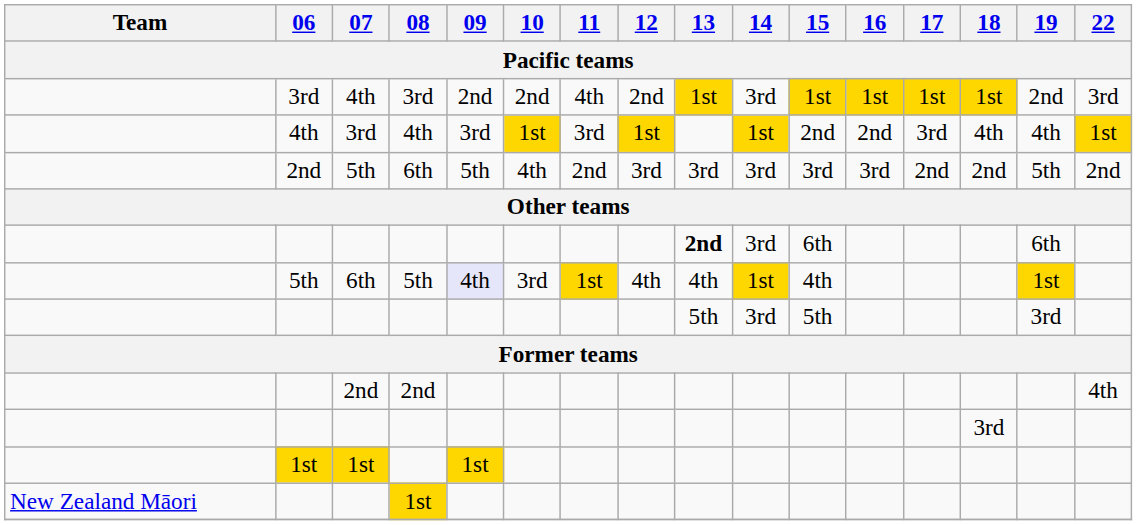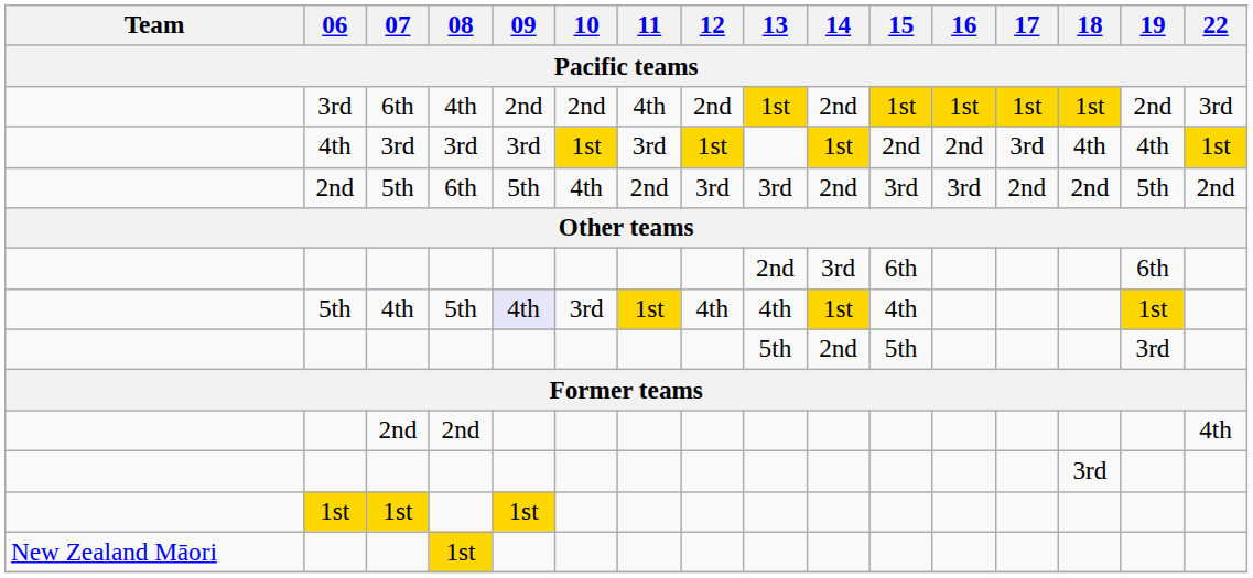 <table class="wikitable" style="text-align:center;">
 <tr>
 <th bgcolor="#efefef" style="width:11.2em;">Team</th>
 <th bgcolor="#efefef" style="width:2em;"><a href='#'>06</a></th>
 <th bgcolor="#efefef" style="width:2em;"><a href='#'>07</a></th>
 <th bgcolor="#efefef" style="width:2em;"><a href='#'>08</a></th>
 <th bgcolor="#efefef" style="width:2em;"><a href='#'>09</a></th>
 <th bgcolor="#efefef" style="width:2em;"><a href='#'>10</a></th>
 <th bgcolor="#efefef" style="width:2em;"><a href='#'>11</a></th>
 <th bgcolor="#efefef" style="width:2em;"><a href='#'>12</a></th>
 <th bgcolor="#efefef" style="width:2em;"><a href='#'>13</a></th>
 <th bgcolor="#efefef" style="width:2em;"><a href='#'>14</a></th>
 <th bgcolor="#efefef" style="width:2em;"><a href='#'>15</a></th>
 <th bgcolor="#efefef" style="width:2em;"><a href='#'>16</a></th>
 <th bgcolor="#efefef" style="width:2em;"><a href='#'>17</a></th>
 <th bgcolor="#efefef" style="width:2em;"><a href='#'>18</a></th>
 <th bgcolor="#efefef" style="width:2em;"><a href='#'>19</a></th>
 <th bgcolor="#efefef" style="width:2em;"><a href='#'>22</a></th>
 </tr>
 <tr>
 <th colspan=100%>Pacific teams</th>
 </tr>
 <tr>
 <td align=left></td>
 <td>3rd</td>
+<td>6th</td>
 <td>4th</td>
-<td>3rd</td>
 <td>2nd</td>
 <td>2nd</td>
 <td>4th</td>
 <td>2nd</td>
 <td bgcolor=#FFD700>1st</td>
-<td>3rd</td>
+<td>2nd</td>
 <td bgcolor=#FFD700>1st</td>
 <td bgcolor=#FFD700>1st</td>
 <td bgcolor=#FFD700>1st</td>
 <td bgcolor=#FFD700>1st</td>
 <td>2nd</td>
 <td>3rd</td>
 </tr>
 <tr>
 <td align=left></td>
 <td>4th</td>
 <td>3rd</td>
-<td>4th</td>
+<td>3rd</td>
 <td>3rd</td>
 <td bgcolor=#FFD700>1st</td>
 <td>3rd</td>
 <td bgcolor=#FFD700>1st</td>
 <td></td>
 <td bgcolor=#FFD700>1st</td>
 <td>2nd</td>
 <td>2nd</td>
 <td>3rd</td>
 <td>4th</td>
 <td>4th</td>
 <td bgcolor=#FFD700>1st</td>
 </tr>
 <tr>
 <td align=left></td>
 <td>2nd</td>
 <td>5th</td>
 <td>6th</td>
 <td>5th</td>
 <td>4th</td>
 <td>2nd</td>
 <td>3rd</td>
 <td>3rd</td>
-<td>3rd</td>
+<td>2nd</td>
 <td>3rd</td>
 <td>3rd</td>
 <td>2nd</td>
 <td>2nd</td>
 <td>5th</td>
 <td>2nd</td>
 </tr>
 <tr>
 <th colspan=100%>Other teams</th>
 </tr>
 <tr>
 <td align=left></td>
 <td></td>
 <td></td>
 <td></td>
 <td></td>
 <td></td>
 <td></td>
 <td></td>
-<td><strong>2nd</strong></td>
+<td>2nd</td>
 <td>3rd</td>
 <td>6th</td>
 <td></td>
 <td></td>
 <td></td>
 <td>6th</td>
 <td></td>
 </tr>
 <tr>
 <td align=left></td>
 <td>5th</td>
-<td>6th</td>
+<td>4th</td>
 <td>5th</td>
 <td style="background: lavender;">4th</td>
 <td>3rd</td>
 <td bgcolor=#FFD700>1st</td>
 <td>4th</td>
 <td>4th</td>
 <td bgcolor=#FFD700>1st</td>
 <td>4th</td>
 <td></td>
 <td></td>
 <td></td>
 <td bgcolor=#FFD700>1st</td>
 <td></td>
 </tr>
 <tr>
 <td align=left></td>
 <td></td>
 <td></td>
 <td></td>
 <td></td>
 <td></td>
 <td></td>
 <td></td>
 <td>5th</td>
-<td>3rd</td>
+<td>2nd</td>
 <td>5th</td>
 <td></td>
 <td></td>
 <td></td>
 <td>3rd</td>
 <td></td>
 </tr>
 <tr>
 <th colspan=100%>Former teams</th>
 </tr>
 <tr>
 <td align=left></td>
 <td></td>
 <td>2nd</td>
 <td>2nd</td>
 <td></td>
 <td></td>
 <td></td>
 <td></td>
 <td></td>
 <td></td>
 <td></td>
 <td></td>
 <td></td>
 <td></td>
 <td></td>
 <td>4th</td>
 </tr>
 <tr>
 <td align=left></td>
 <td></td>
 <td></td>
 <td></td>
 <td></td>
 <td></td>
 <td></td>
 <td></td>
 <td></td>
 <td></td>
 <td></td>
 <td></td>
 <td></td>
 <td>3rd</td>
 <td></td>
 <td></td>
 </tr>
 <tr>
 <td align=left></td>
 <td bgcolor=#FFD700>1st</td>
 <td bgcolor=#FFD700>1st</td>
 <td></td>
 <td bgcolor=#FFD700>1st</td>
 <td></td>
 <td></td>
 <td></td>
 <td></td>
 <td></td>
 <td></td>
 <td></td>
 <td></td>
 <td></td>
 <td></td>
 <td></td>
 </tr>
 <tr>
 <td align=left style="padding-right:1px;"> <a href='#'>New Zealand Māori</a></td>
 <td></td>
 <td></td>
 <td bgcolor=#FFD700>1st</td>
 <td></td>
 <td></td>
 <td></td>
 <td></td>
 <td></td>
 <td></td>
 <td></td>
 <td></td>
 <td></td>
 <td></td>
 <td></td>
 <td></td>
 </tr>
 <tr>
 </tr>
 </table>
